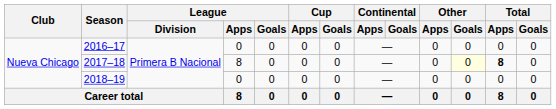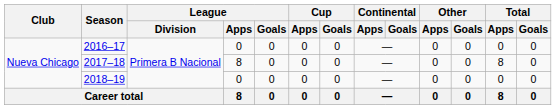 <table class="wikitable" style="text-align:center">
 <tr>
 <th rowspan="2">Club</th>
 <th rowspan="2">Season</th>
 <th colspan="3">League</th>
 <th colspan="2">Cup</th>
 <th colspan="2">Continental</th>
 <th colspan="2">Other</th>
 <th colspan="2">Total</th>
 </tr>
 <tr>
 <th>Division</th>
 <th>Apps</th>
 <th>Goals</th>
 <th>Apps</th>
 <th>Goals</th>
 <th>Apps</th>
 <th>Goals</th>
 <th>Apps</th>
 <th>Goals</th>
 <th>Apps</th>
 <th>Goals</th>
 </tr>
 <tr>
 <td rowspan="3"><a href='#'>Nueva Chicago</a></td>
 <td><a href='#'>2016–17</a></td>
 <td rowspan="3"><a href='#'>Primera B Nacional</a></td>
 <td>0</td>
 <td>0</td>
 <td>0</td>
 <td>0</td>
 <td colspan="2">—</td>
 <td>0</td>
 <td>0</td>
 <td>0</td>
 <td>0</td>
 </tr>
 <tr>
 <td><a href='#'>2017–18</a></td>
 <td>8</td>
 <td>0</td>
 <td>0</td>
 <td>0</td>
 <td colspan="2">—</td>
 <td>0</td>
-<td style="background: lightyellow;">0</td>
-<td><strong>8</strong></td>
+<td>0</td>
+<td>8</td>
 <td>0</td>
 </tr>
 <tr>
 <td><a href='#'>2018–19</a></td>
 <td>0</td>
 <td>0</td>
 <td>0</td>
 <td>0</td>
 <td colspan="2">—</td>
 <td>0</td>
 <td>0</td>
 <td>0</td>
 <td>0</td>
 </tr>
 <tr>
 <th colspan="3">Career total</th>
 <th>8</th>
 <th>0</th>
 <th>0</th>
 <th>0</th>
 <th colspan="2">—</th>
 <th>0</th>
 <th>0</th>
 <th>8</th>
 <th>0</th>
 </tr>
 </table>
